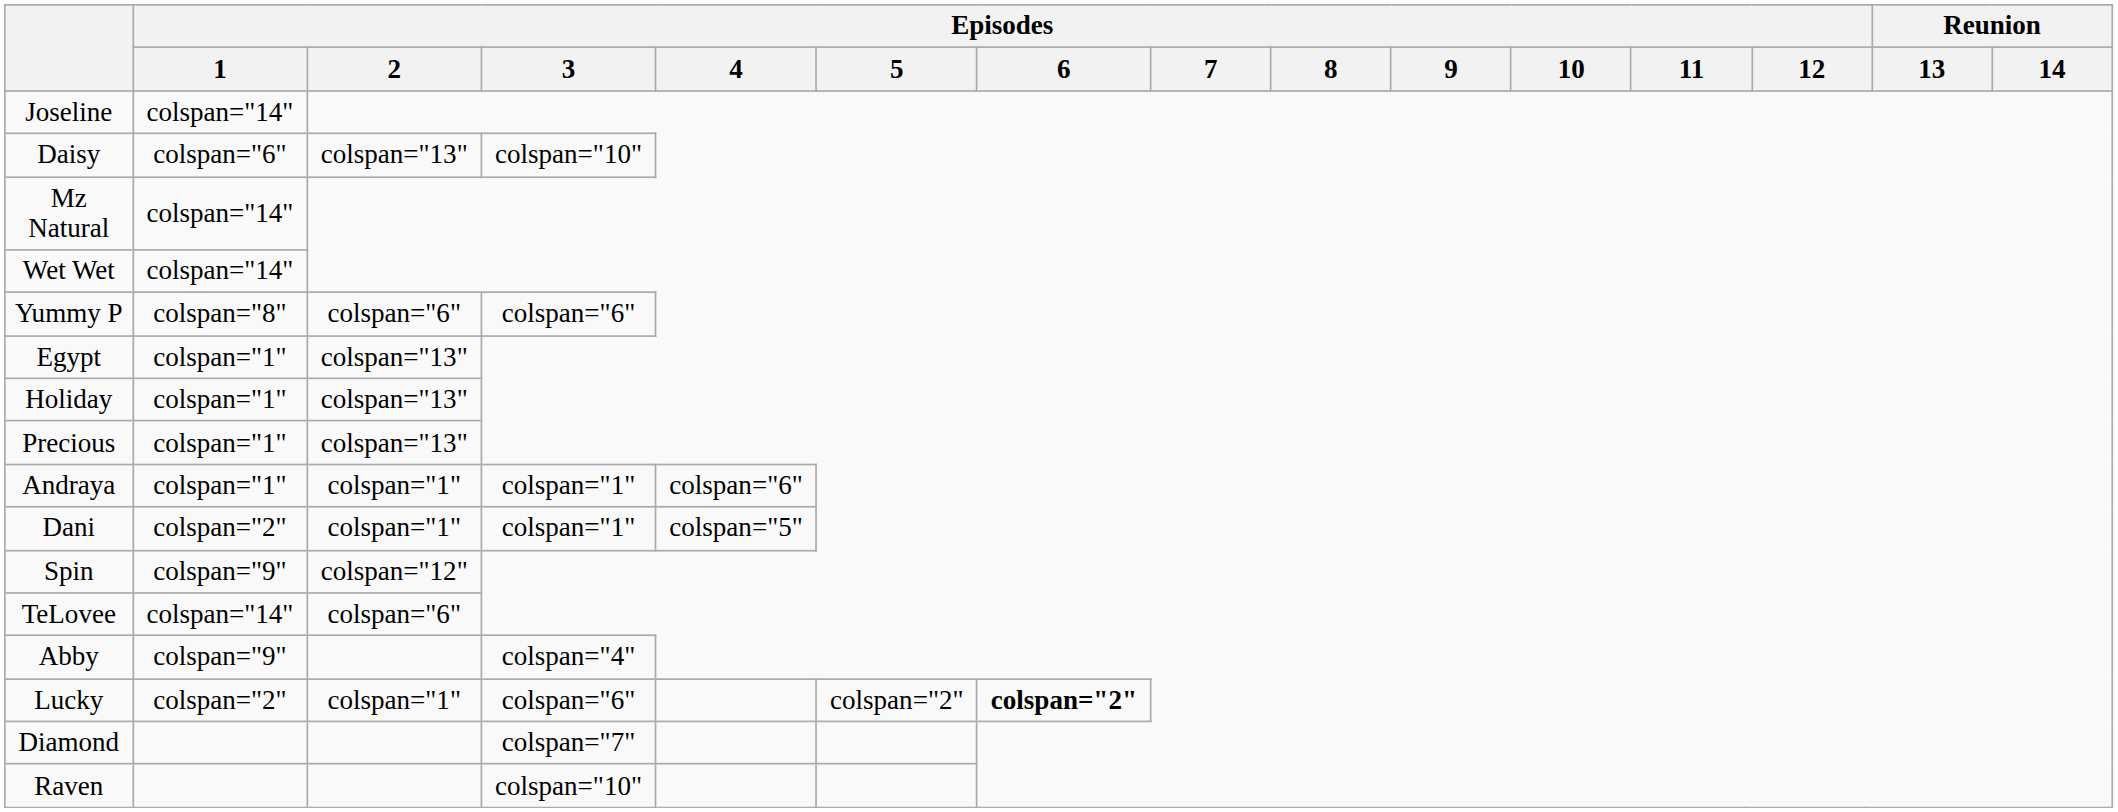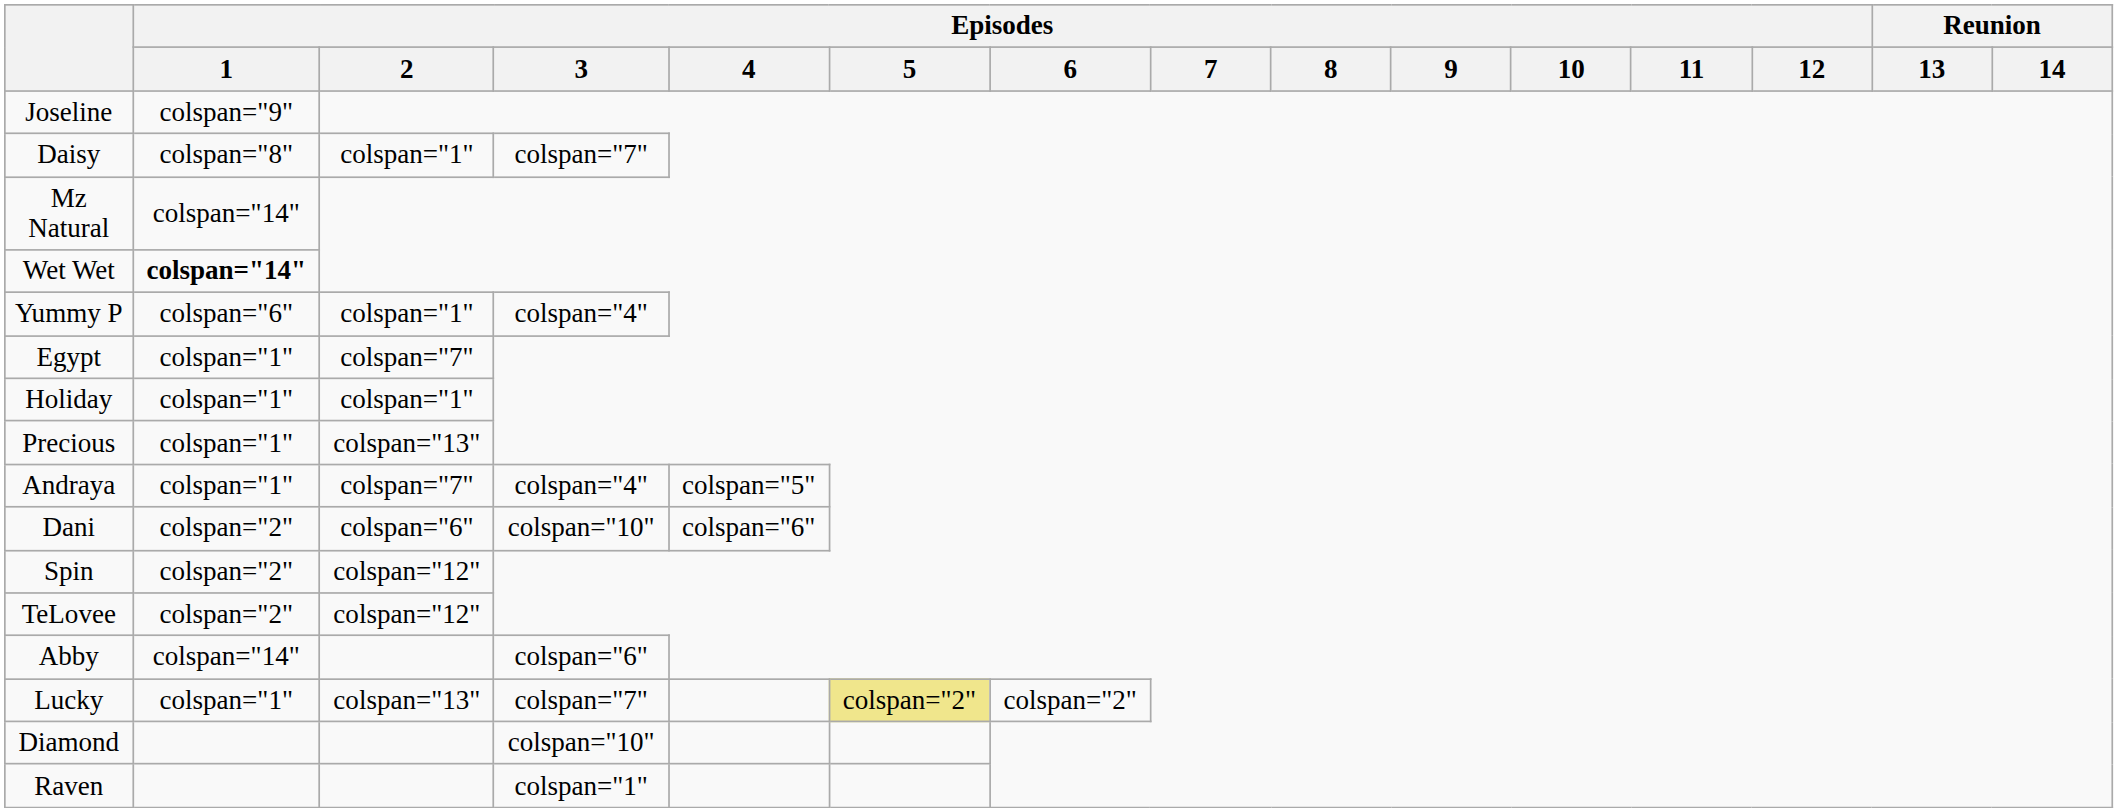 <table class="wikitable plainrowheaders" style="text-align:center;">
 <tr>
 <th scope="col" rowspan="2" style="width:5%;"></th>
 <th scope="col" colspan="12">Episodes</th>
 <th scope="col" colspan="2">Reunion</th>
 </tr>
 <tr>
 <th style="width:5%;">1</th>
 <th style="width:5%;">2</th>
 <th style="width:5%;">3</th>
 <th style="width:5%;">4</th>
 <th style="width:5%;">5</th>
 <th style="width:5%;">6</th>
 <th style="width:5%;">7</th>
 <th style="width:5%;">8</th>
 <th style="width:5%;">9</th>
 <th style="width:5%;">10</th>
 <th style="width:5%;">11</th>
 <th style="width:5%;">12</th>
 <th style="width:5%;">13</th>
 <th style="width:5%;">14</th>
 </tr>
 <tr>
 <td scope="row">Joseline</td>
-<td>colspan="14" </td>
+<td>colspan="9" </td>
 </tr>
 <tr>
 <td scope="row">Daisy</td>
-<td>colspan="6" </td>
-<td>colspan="13" </td>
-<td>colspan="10" </td>
+<td>colspan="8" </td>
+<td>colspan="1" </td>
+<td>colspan="7" </td>
 </tr>
 <tr>
 <td scope="row">Mz Natural</td>
 <td>colspan="14" </td>
 </tr>
 <tr>
 <td scope="row">Wet Wet</td>
-<td>colspan="14" </td>
+<td><strong>colspan="14" </strong></td>
 </tr>
 <tr>
 <td scope="row">Yummy P</td>
-<td>colspan="8" </td>
 <td>colspan="6" </td>
-<td>colspan="6" </td>
+<td>colspan="1" </td>
+<td>colspan="4" </td>
 </tr>
 <tr>
 <td scope="row">Egypt</td>
 <td>colspan="1" </td>
-<td>colspan="13" </td>
+<td>colspan="7" </td>
 </tr>
 <tr>
 <td scope="row">Holiday</td>
 <td>colspan="1" </td>
-<td>colspan="13" </td>
+<td>colspan="1" </td>
 </tr>
 <tr>
 <td scope="row">Precious</td>
 <td>colspan="1" </td>
 <td>colspan="13" </td>
 </tr>
 <tr>
 <td scope="row">Andraya</td>
 <td>colspan="1" </td>
-<td>colspan="1" </td>
-<td>colspan="1" </td>
-<td>colspan="6" </td>
+<td>colspan="7" </td>
+<td>colspan="4" </td>
+<td>colspan="5" </td>
 </tr>
 <tr>
 <td scope="row">Dani</td>
 <td>colspan="2" </td>
-<td>colspan="1" </td>
-<td>colspan="1" </td>
-<td>colspan="5" </td>
+<td>colspan="6" </td>
+<td>colspan="10" </td>
+<td>colspan="6" </td>
 </tr>
 <tr>
 <td scope="row">Spin</td>
-<td>colspan="9" </td>
+<td>colspan="2" </td>
 <td>colspan="12" </td>
 </tr>
 <tr>
 <td scope="row">TeLovee</td>
+<td>colspan="2" </td>
+<td>colspan="12" </td>
+</tr>
+<tr>
+<td scope="row">Abby</td>
 <td>colspan="14" </td>
+<td></td>
 <td>colspan="6" </td>
 </tr>
 <tr>
-<td scope="row">Abby</td>
-<td>colspan="9" </td>
+<td scope="row">Lucky</td>
+<td>colspan="1" </td>
+<td>colspan="13" </td>
+<td>colspan="7" </td>
 <td></td>
-<td>colspan="4" </td>
-</tr>
-<tr>
-<td scope="row">Lucky</td>
+<td style="background: khaki;">colspan="2" </td>
 <td>colspan="2" </td>
-<td>colspan="1" </td>
-<td>colspan="6" </td>
-<td></td>
-<td>colspan="2" </td>
-<td><strong>colspan="2" </strong></td>
 </tr>
 <tr>
 <td scope="row">Diamond</td>
 <td></td>
 <td></td>
-<td>colspan="7" </td>
+<td>colspan="10" </td>
 <td></td>
 <td></td>
 </tr>
 <tr>
 <td scope="row">Raven</td>
 <td></td>
 <td></td>
-<td>colspan="10" </td>
+<td>colspan="1" </td>
 <td></td>
 <td></td>
 </tr>
 </table>
